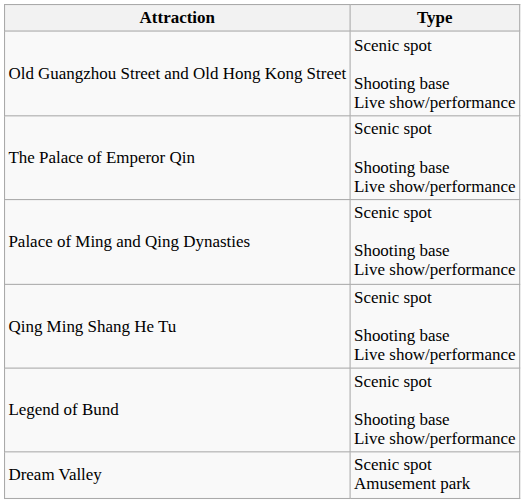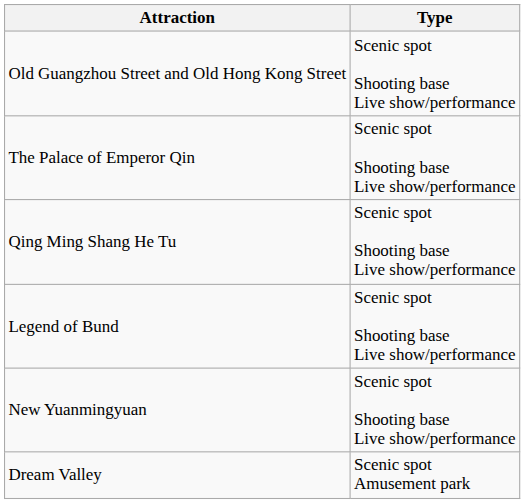 <table class="wikitable">
 <tr>
 <th>Attraction</th>
 <th>Type</th>
 </tr>
 <tr>
 <td>Old Guangzhou Street and Old Hong Kong Street</td>
 <td>Scenic spot<br><br>Shooting base<br> Live show/performance</td>
 </tr>
 <tr>
 <td>The Palace of Emperor Qin</td>
 <td>Scenic spot<br><br>Shooting base<br> Live show/performance</td>
 </tr>
 <tr>
-<td>Palace of Ming and Qing Dynasties</td>
-<td>Scenic spot<br><br>Shooting base<br> Live show/performance</td>
-</tr>
-<tr>
 <td>Qing Ming Shang He Tu</td>
 <td>Scenic spot<br><br>Shooting base<br> Live show/performance</td>
 </tr>
 <tr>
 <td>Legend of Bund</td>
 <td>Scenic spot<br><br>Shooting base<br> Live show/performance</td>
 </tr>
 <tr>
+<td>New Yuanmingyuan</td>
+<td>Scenic spot<br><br>Shooting base<br> Live show/performance</td>
+</tr>
+<tr>
 <td>Dream Valley</td>
 <td>Scenic spot<br>Amusement park</td>
 </tr>
 </table>
